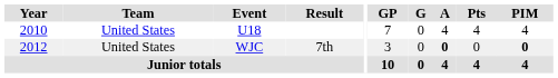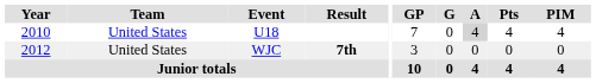 <table border="0" cellpadding="1" cellspacing="0" ID="Table3" style="text-align:center; width:40em">
 <tr ALIGN="center" bgcolor="#e0e0e0">
 <th>Year</th>
 <th>Team</th>
 <th>Event</th>
 <th>Result</th>
 <th rowspan="99" bgcolor="#ffffff"></th>
 <th>GP</th>
 <th>G</th>
 <th>A</th>
 <th>Pts</th>
 <th>PIM</th>
 </tr>
 <tr>
 <td><a href='#'>2010</a></td>
 <td><a href='#'>United States</a></td>
 <td><a href='#'>U18</a></td>
 <td></td>
 <td>7</td>
 <td>0</td>
-<td>4</td>
+<td style="background: lightgrey;">4</td>
 <td>4</td>
 <td>4</td>
 </tr>
 <tr bgcolor="#f0f0f0">
 <td><a href='#'>2012</a></td>
 <td>United States</td>
 <td><a href='#'>WJC</a></td>
-<td>7th</td>
+<td><strong>7th</strong></td>
 <td>3</td>
 <td>0</td>
-<td><strong>0</strong></td>
 <td>0</td>
-<td><strong>0</strong></td>
+<td>0</td>
+<td>0</td>
 </tr>
 <tr bgcolor="#e0e0e0">
 <th colspan="4">Junior totals</th>
 <th>10</th>
 <th>0</th>
 <th>4</th>
 <th>4</th>
 <th>4</th>
 </tr>
 </table>
